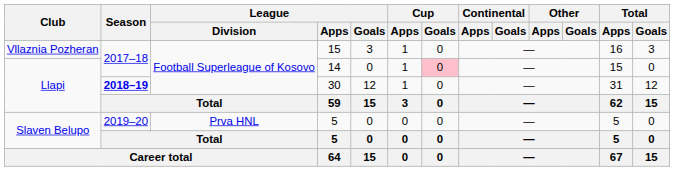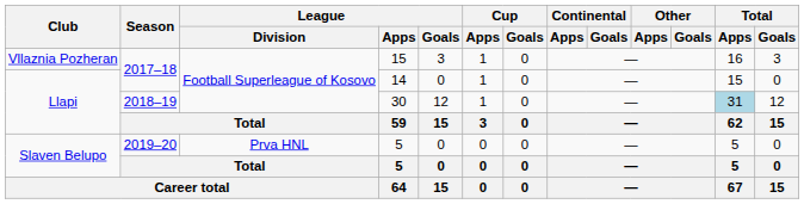 <table class="wikitable" style="text-align:center">
 <tr>
 <th rowspan="2">Club</th>
 <th rowspan="2">Season</th>
 <th colspan="3">League</th>
 <th colspan="2">Cup</th>
 <th colspan="2">Continental</th>
 <th colspan="2">Other</th>
 <th colspan="2">Total</th>
 </tr>
 <tr>
 <th>Division</th>
 <th>Apps</th>
 <th>Goals</th>
 <th>Apps</th>
 <th>Goals</th>
 <th>Apps</th>
 <th>Goals</th>
 <th>Apps</th>
 <th>Goals</th>
 <th>Apps</th>
 <th>Goals</th>
 </tr>
 <tr>
 <td><a href='#'>Vllaznia Pozheran</a></td>
 <td rowspan="2"><a href='#'>2017–18</a></td>
 <td rowspan="3"><a href='#'>Football Superleague of Kosovo</a></td>
 <td>15</td>
 <td>3</td>
 <td>1</td>
 <td>0</td>
 <td colspan="4">—</td>
 <td>16</td>
 <td>3</td>
 </tr>
 <tr>
 <td rowspan="3"><a href='#'>Llapi</a></td>
 <td>14</td>
 <td>0</td>
 <td>1</td>
-<td style="background: pink;">0</td>
+<td>0</td>
 <td colspan="4">—</td>
 <td>15</td>
 <td>0</td>
 </tr>
 <tr>
-<td><strong><a href='#'>2018–19</a></strong></td>
+<td><a href='#'>2018–19</a></td>
 <td>30</td>
 <td>12</td>
 <td>1</td>
 <td>0</td>
 <td colspan="4">—</td>
-<td>31</td>
+<td style="background: lightblue;">31</td>
 <td>12</td>
 </tr>
 <tr>
 <th colspan="2">Total</th>
 <th>59</th>
 <th>15</th>
 <th>3</th>
 <th>0</th>
 <th colspan="4">—</th>
 <th>62</th>
 <th>15</th>
 </tr>
 <tr>
 <td rowspan="2"><a href='#'>Slaven Belupo</a></td>
 <td><a href='#'>2019–20</a></td>
 <td><a href='#'>Prva HNL</a></td>
 <td>5</td>
 <td>0</td>
 <td>0</td>
 <td>0</td>
 <td colspan="4">—</td>
 <td>5</td>
 <td>0</td>
 </tr>
 <tr>
 <th colspan="2">Total</th>
 <th>5</th>
 <th>0</th>
 <th>0</th>
 <th>0</th>
 <th colspan="4">—</th>
 <th>5</th>
 <th>0</th>
 </tr>
 <tr>
 <th colspan="3">Career total</th>
 <th>64</th>
 <th>15</th>
 <th>0</th>
 <th>0</th>
 <th colspan="4">—</th>
 <th>67</th>
 <th>15</th>
 </tr>
 </table>
